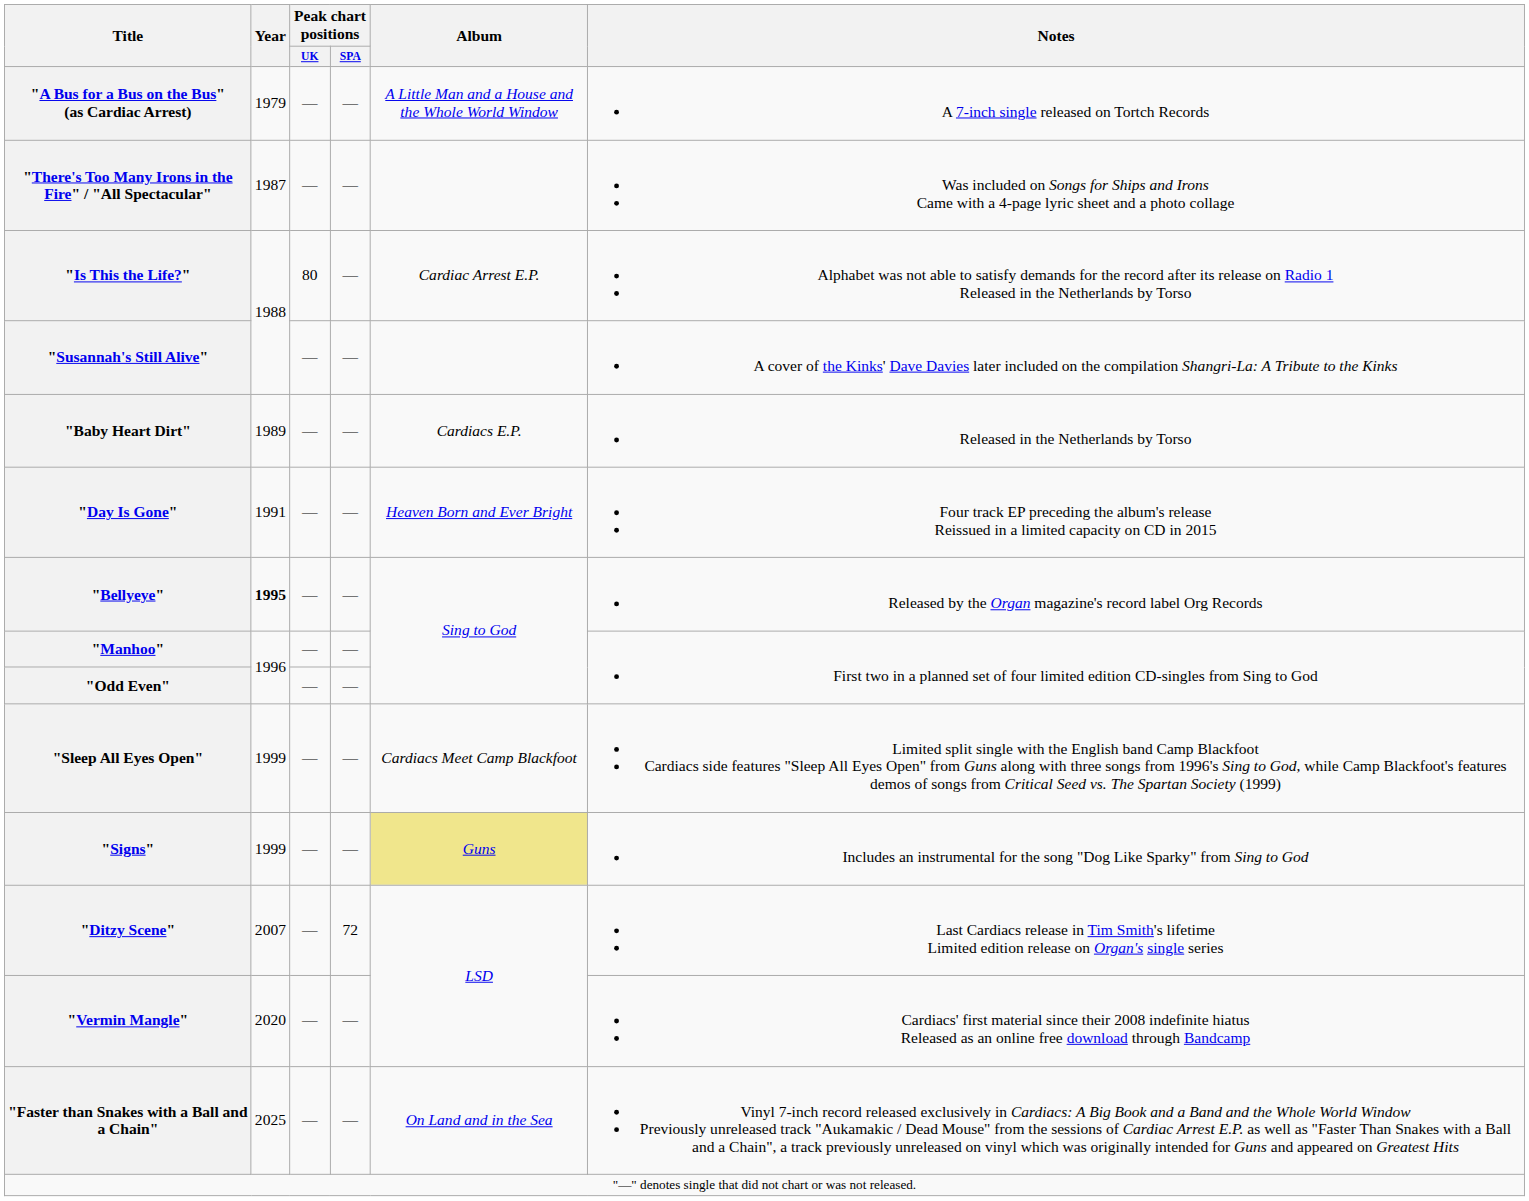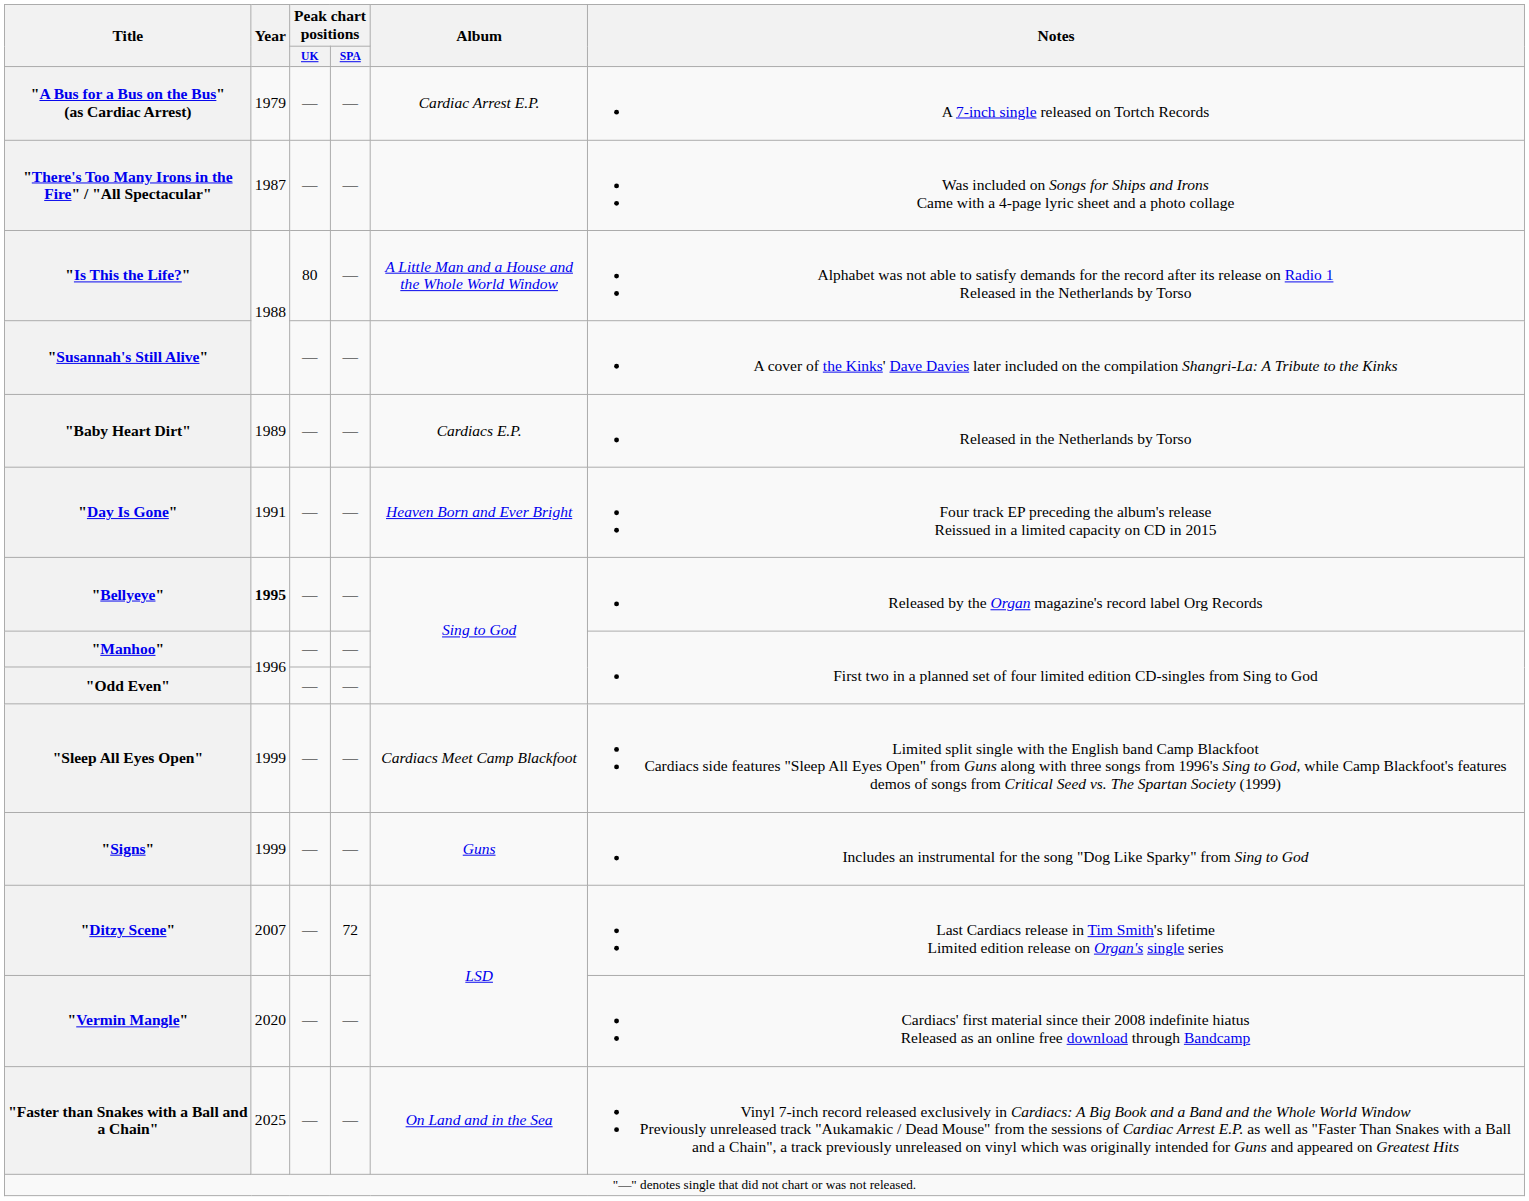 <table class="wikitable plainrowheaders" style="text-align:center;">
 <tr>
 <th rowspan="2">Title</th>
 <th rowspan="2">Year</th>
 <th colspan="2">Peak chart positions</th>
 <th rowspan="2">Album</th>
 <th rowspan="2">Notes</th>
 </tr>
 <tr>
 <th style="width:3em;font-size:75%;"><a href='#'>UK</a><br></th>
 <th style="width:3em;font-size:75%;"><a href='#'>SPA</a><br></th>
 </tr>
 <tr>
 <th scope="row">"<a href='#'>A Bus for a Bus on the Bus</a>"<br><span>(as Cardiac Arrest)</span></th>
 <td>1979</td>
 <td>—</td>
 <td>—</td>
-<td><em><a href='#'>A Little Man and a House and the Whole World Window</a></em></td>
+<td><em>Cardiac Arrest E.P.</em></td>
 <td><br><ul><li>A <a href='#'>7-inch single</a> released on Tortch Records</li></ul></td>
 </tr>
 <tr>
 <th scope="row">"<a href='#'>There's Too Many Irons in the Fire</a>" / "All Spectacular"</th>
 <td>1987</td>
 <td>—</td>
 <td>—</td>
 <td></td>
 <td><br><ul><li>Was included on <em>Songs for Ships and Irons</em></li><li>Came with a 4-page lyric sheet and a photo collage</li></ul></td>
 </tr>
 <tr>
 <th scope="row">"<a href='#'>Is This the Life?</a>"</th>
 <td rowspan="2">1988</td>
 <td>80</td>
 <td>—</td>
-<td><em>Cardiac Arrest E.P.</em></td>
+<td><em><a href='#'>A Little Man and a House and the Whole World Window</a></em></td>
 <td><br><ul><li>Alphabet was not able to satisfy demands for the record after its release on <a href='#'>Radio 1</a></li><li>Released in the Netherlands by Torso</li></ul></td>
 </tr>
 <tr>
 <th scope="row">"<a href='#'>Susannah's Still Alive</a>"</th>
 <td>—</td>
 <td>—</td>
 <td></td>
 <td><br><ul><li>A cover of <a href='#'>the Kinks</a>' <a href='#'>Dave Davies</a> later included on the compilation <em>Shangri-La: A Tribute to the Kinks</em></li></ul></td>
 </tr>
 <tr>
 <th scope="row">"Baby Heart Dirt"</th>
 <td>1989</td>
 <td>—</td>
 <td>—</td>
 <td><em>Cardiacs E.P.</em></td>
 <td><br><ul><li>Released in the Netherlands by Torso</li></ul></td>
 </tr>
 <tr>
 <th scope="row">"<a href='#'>Day Is Gone</a>"</th>
 <td>1991</td>
 <td>—</td>
 <td>—</td>
 <td><em><a href='#'>Heaven Born and Ever Bright</a></em></td>
 <td><br><ul><li>Four track EP preceding the album's release</li><li>Reissued in a limited capacity on CD in 2015</li></ul></td>
 </tr>
 <tr>
 <th scope="row">"<a href='#'>Bellyeye</a>"</th>
 <td><strong>1995</strong></td>
 <td>—</td>
 <td>—</td>
 <td rowspan="3"><em><a href='#'>Sing to God</a></em></td>
 <td><br><ul><li>Released by the <em><a href='#'>Organ</a></em> magazine's record label Org Records</li></ul></td>
 </tr>
 <tr>
 <th scope="row">"<a href='#'>Manhoo</a>"</th>
 <td rowspan="2">1996</td>
 <td>—</td>
 <td>—</td>
 <td rowspan="2"><br><ul><li>First two in a planned set of four limited edition CD-singles from Sing to God</li></ul></td>
 </tr>
 <tr>
 <th scope="row">"Odd Even"</th>
 <td>—</td>
 <td>—</td>
 </tr>
 <tr>
 <th scope="row">"Sleep All Eyes Open"</th>
 <td>1999</td>
 <td>—</td>
 <td>—</td>
 <td><em>Cardiacs Meet Camp Blackfoot</em></td>
 <td><br><ul><li>Limited split single with the English band Camp Blackfoot</li><li>Cardiacs side features "Sleep All Eyes Open" from <em>Guns</em> along with three songs from 1996's <em>Sing to God</em>, while Camp Blackfoot's features demos of songs from <em>Critical Seed vs. The Spartan Society</em> (1999)</li></ul></td>
 </tr>
 <tr>
 <th scope="row">"<a href='#'>Signs</a>"</th>
 <td>1999</td>
 <td>—</td>
 <td>—</td>
-<td style="background: khaki;"><em><a href='#'>Guns</a></em></td>
+<td><em><a href='#'>Guns</a></em></td>
 <td><br><ul><li>Includes an instrumental for the song "Dog Like Sparky" from <em>Sing to God</em></li></ul></td>
 </tr>
 <tr>
 <th scope="row">"<a href='#'>Ditzy Scene</a>"</th>
 <td>2007</td>
 <td>—</td>
 <td>72</td>
 <td rowspan="2"><em><a href='#'>LSD</a></em></td>
 <td><br><ul><li>Last Cardiacs release in <a href='#'>Tim Smith</a>'s lifetime</li><li>Limited edition release on <em><a href='#'>Organ's</a></em> <a href='#'>single</a> series</li></ul></td>
 </tr>
 <tr>
 <th scope="row">"<a href='#'>Vermin Mangle</a>"</th>
 <td>2020</td>
 <td>—</td>
 <td>—</td>
 <td><br><ul><li>Cardiacs' first material since their 2008 indefinite hiatus</li><li>Released as an online free <a href='#'>download</a> through <a href='#'>Bandcamp</a></li></ul></td>
 </tr>
 <tr>
 <th scope="row">"Faster than Snakes with a Ball and a Chain"</th>
 <td>2025</td>
 <td>—</td>
 <td>—</td>
 <td><em><a href='#'>On Land and in the Sea</a></em></td>
 <td><br><ul><li>Vinyl 7-inch record released exclusively in <em>Cardiacs: A Big Book and a Band and the Whole World Window</em></li><li>Previously unreleased track "Aukamakic / Dead Mouse" from the sessions of <em>Cardiac Arrest E.P.</em> as well as "Faster Than Snakes with a Ball and a Chain", a track previously unreleased on vinyl which was originally intended for <em>Guns</em> and appeared on <em>Greatest Hits</em></li></ul></td>
 </tr>
 <tr>
 <td colspan="6" style="font-size:85%">"—" denotes single that did not chart or was not released.</td>
 </tr>
 </table>
